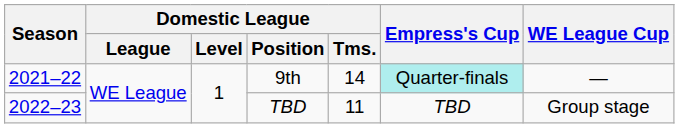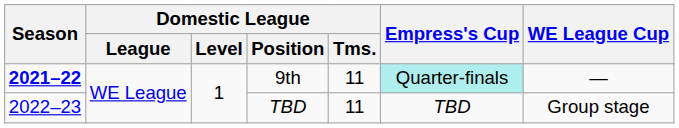 <table class="wikitable" style="text-align:center;">
 <tr style="background:#f0f6fa;">
 <th rowspan="2"><strong>Season</strong></th>
 <th colspan="4"><strong>Domestic League</strong></th>
 <th rowspan="2"><strong><a href='#'>Empress's Cup</a></strong></th>
 <th rowspan="2"><strong><a href='#'>WE League Cup</a></strong></th>
 </tr>
 <tr>
 <th>League</th>
 <th>Level</th>
 <th>Position</th>
 <th>Tms.</th>
 </tr>
 <tr>
-<td><a href='#'>2021–22</a></td>
+<td><strong><a href='#'>2021–22</a></strong></td>
 <td rowspan="2"><a href='#'>WE League</a></td>
 <td rowspan="2">1</td>
 <td>9th</td>
-<td>14</td>
+<td>11</td>
 <td style="background: paleturquoise;">Quarter-finals</td>
 <td>—</td>
 </tr>
 <tr>
 <td><a href='#'>2022–23</a></td>
 <td><em>TBD</em></td>
 <td>11</td>
 <td><em>TBD</em></td>
 <td>Group stage</td>
 </tr>
 </table>
